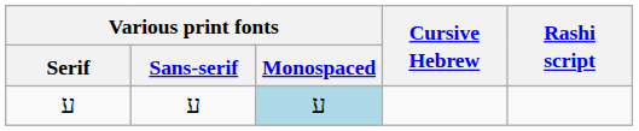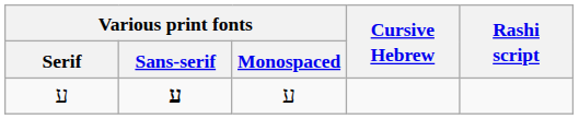 <table class="wikitable" style="text-align:center;">
 <tr>
 <th colspan="3"><small>Various print fonts</small></th>
 <th rowspan="2"><small><a href='#'>Cursive<br>Hebrew</a></small></th>
 <th rowspan="2"><small><a href='#'>Rashi<br>script</a></small></th>
 </tr>
 <tr>
 <th><small>Serif</small></th>
 <th><small><a href='#'>Sans-serif</a></small></th>
 <th><small><a href='#'>Monospaced</a></small></th>
 </tr>
 <tr>
 <td width="20%"><span>ע</span></td>
+<td width="20%"><strong><span>ע</span></strong></td>
 <td width="20%"><span>ע</span></td>
-<td width="20%" style="background: lightblue;"><span>ע</span></td>
 <td width="20%"></td>
 <td width="20%"></td>
 </tr>
 </table>
